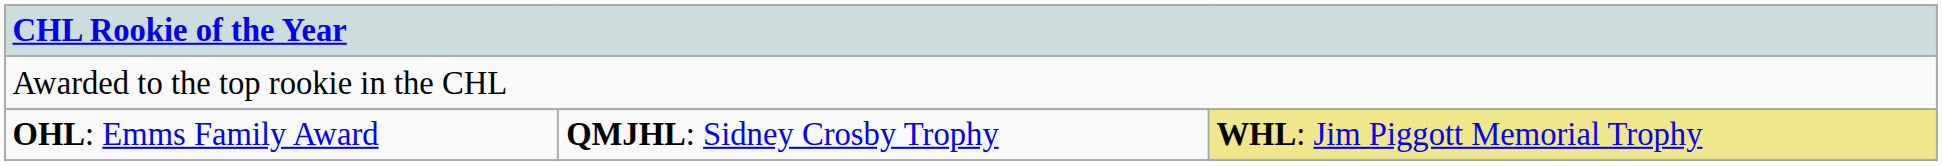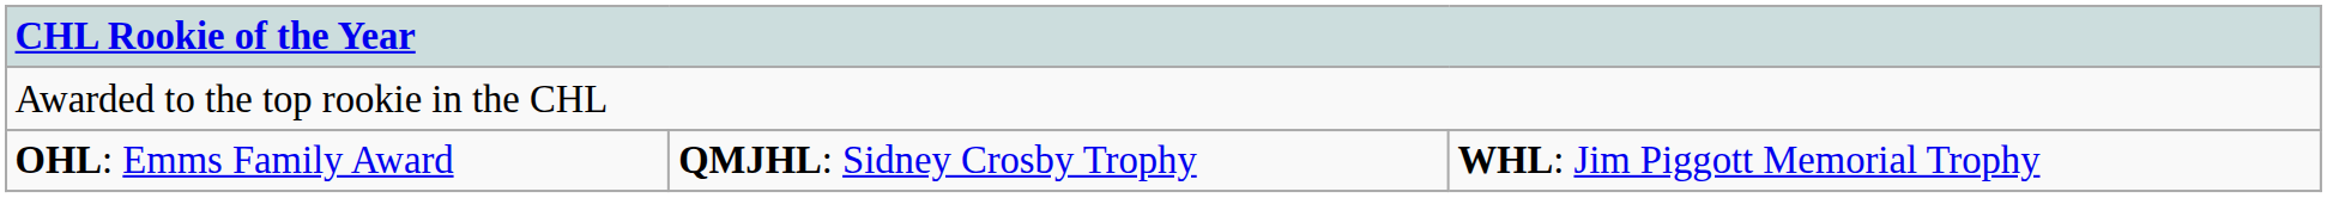 <table class="wikitable" width="75%">
 <tr style="font-weight:bold; background-color:#ccdddd;" |>
 <td colspan="3"><a href='#'>CHL Rookie of the Year</a></td>
 </tr>
 <tr>
 <td colspan="3">Awarded to the top rookie in the CHL</td>
 </tr>
 <tr>
 <td><strong>OHL</strong>: <a href='#'>Emms Family Award</a></td>
 <td><strong>QMJHL</strong>: <a href='#'>Sidney Crosby Trophy</a></td>
-<td style="background: khaki;"><strong>WHL</strong>: <a href='#'>Jim Piggott Memorial Trophy</a></td>
+<td><strong>WHL</strong>: <a href='#'>Jim Piggott Memorial Trophy</a></td>
 </tr>
 </table>
